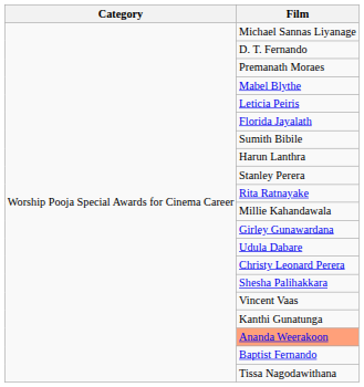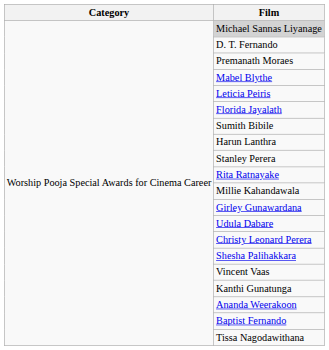 <table class="wikitable plainrowheaders sortable">
 <tr>
 <th scope="col">Category</th>
 <th scope="col">Film</th>
 </tr>
 <tr>
 <td rowspan=20>Worship Pooja Special Awards for Cinema Career</td>
-<td>Michael Sannas Liyanage</td>
+<td style="background: lightgrey;">Michael Sannas Liyanage</td>
 </tr>
 <tr>
 <td>D. T. Fernando</td>
 </tr>
 <tr>
 <td>Premanath Moraes</td>
 </tr>
 <tr>
 <td><a href='#'>Mabel Blythe</a></td>
 </tr>
 <tr>
 <td><a href='#'>Leticia Peiris</a></td>
 </tr>
 <tr>
 <td><a href='#'>Florida Jayalath</a></td>
 </tr>
 <tr>
 <td>Sumith Bibile</td>
 </tr>
 <tr>
 <td>Harun Lanthra</td>
 </tr>
 <tr>
 <td>Stanley Perera</td>
 </tr>
 <tr>
 <td><a href='#'>Rita Ratnayake</a></td>
 </tr>
 <tr>
 <td>Millie Kahandawala</td>
 </tr>
 <tr>
 <td><a href='#'>Girley Gunawardana</a></td>
 </tr>
 <tr>
 <td><a href='#'>Udula Dabare</a></td>
 </tr>
 <tr>
 <td><a href='#'>Christy Leonard Perera</a></td>
 </tr>
 <tr>
 <td><a href='#'>Shesha Palihakkara</a></td>
 </tr>
 <tr>
 <td>Vincent Vaas</td>
 </tr>
 <tr>
 <td>Kanthi Gunatunga</td>
 </tr>
 <tr>
-<td style="background: lightsalmon;"><a href='#'>Ananda Weerakoon</a></td>
+<td><a href='#'>Ananda Weerakoon</a></td>
 </tr>
 <tr>
 <td><a href='#'>Baptist Fernando</a></td>
 </tr>
 <tr>
 <td>Tissa Nagodawithana</td>
 </tr>
 </table>
